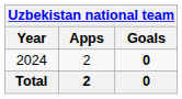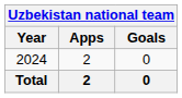 <table class="wikitable" style="text-align:center">
 <tr>
 <th colspan=3><a href='#'>Uzbekistan national team</a></th>
 </tr>
 <tr>
 <th>Year</th>
 <th>Apps</th>
 <th>Goals</th>
 </tr>
 <tr>
 <td>2024</td>
 <td>2</td>
-<td><strong>0</strong></td>
+<td>0</td>
 </tr>
 <tr>
 <th>Total</th>
 <th>2</th>
 <th>0</th>
 </tr>
 </table>
